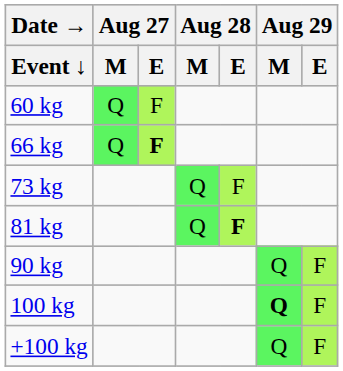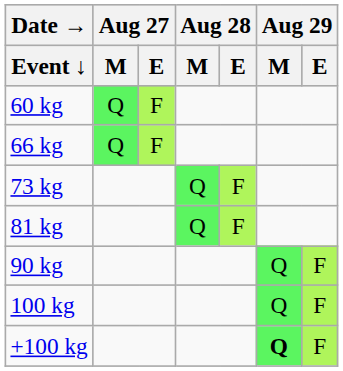 <table class="wikitable" style="margin:0.5em auto; font-size:90%; line-height:1.25em; text-align:center;">
 <tr>
 <th>Date →</th>
 <th colspan="2">Aug 27</th>
 <th colspan="2">Aug 28</th>
 <th colspan="2">Aug 29</th>
 </tr>
 <tr>
 <th>Event  ↓</th>
 <th>M</th>
 <th>E</th>
 <th>M</th>
 <th>E</th>
 <th>M</th>
 <th>E</th>
 </tr>
 <tr>
 <td style="text-align:left;"><a href='#'>60 kg</a></td>
 <td style="background-color:#5BF560;">Q</td>
 <td style="background-color:#AFF55B;">F</td>
 <td colspan=2></td>
 <td colspan=2></td>
 </tr>
 <tr>
 <td style="text-align:left;"><a href='#'>66 kg</a></td>
 <td style="background-color:#5BF560;">Q</td>
-<td style="background-color:#AFF55B;"><strong>F</strong></td>
+<td style="background-color:#AFF55B;">F</td>
 <td colspan=2></td>
 <td colspan=2></td>
 </tr>
 <tr>
 <td style="text-align:left;"><a href='#'>73 kg</a></td>
 <td colspan=2></td>
 <td style="background-color:#5BF560;">Q</td>
 <td style="background-color:#AFF55B;">F</td>
 <td colspan=2></td>
 </tr>
 <tr>
 <td style="text-align:left;"><a href='#'>81 kg</a></td>
 <td colspan=2></td>
 <td style="background-color:#5BF560;">Q</td>
-<td style="background-color:#AFF55B;"><strong>F</strong></td>
+<td style="background-color:#AFF55B;">F</td>
 <td colspan=2></td>
 </tr>
 <tr>
 <td style="text-align:left;"><a href='#'>90 kg</a></td>
 <td colspan=2></td>
 <td colspan=2></td>
 <td style="background-color:#5BF560;">Q</td>
 <td style="background-color:#AFF55B;">F</td>
 </tr>
 <tr>
 <td style="text-align:left;"><a href='#'>100 kg</a></td>
 <td colspan=2></td>
 <td colspan=2></td>
-<td style="background-color:#5BF560;"><strong>Q</strong></td>
+<td style="background-color:#5BF560;">Q</td>
 <td style="background-color:#AFF55B;">F</td>
 </tr>
 <tr>
 <td style="text-align:left;"><a href='#'>+100 kg</a></td>
 <td colspan=2></td>
 <td colspan=2></td>
-<td style="background-color:#5BF560;">Q</td>
+<td style="background-color:#5BF560;"><strong>Q</strong></td>
 <td style="background-color:#AFF55B;">F</td>
 </tr>
 </table>
